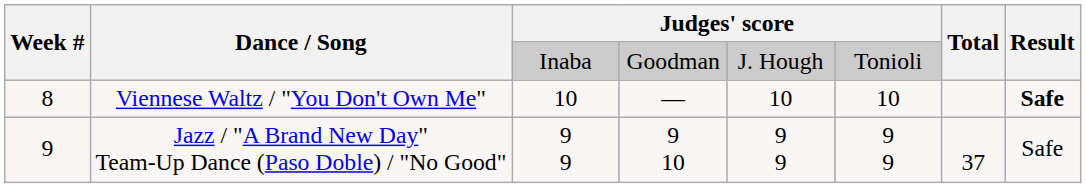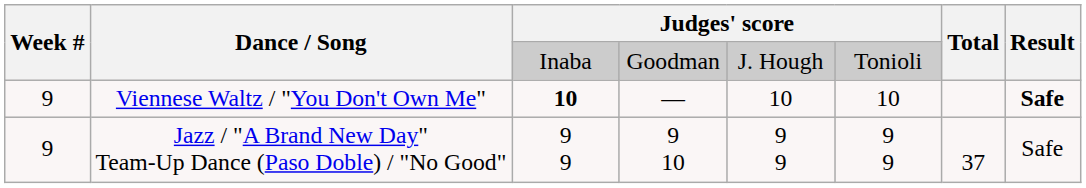 <table class="wikitable" style="text-align:center;">
 <tr style="text-align:center;">
 <th rowspan="2" bgcolor="#CCCCCC" align="Center">Week #</th>
 <th rowspan="2" bgcolor="#CCCCCC" align="Center">Dance / Song</th>
 <th colspan="4" bgcolor="#CCCCCC" align="Center">Judges' score</th>
 <th rowspan="2" bgcolor="#CCCCCC" align="Center">Total</th>
 <th rowspan="2" bgcolor="#CCCCCC" align="Center">Result</th>
 </tr>
 <tr>
 <td bgcolor="#CCCCCC" width="10%" align="center">Inaba</td>
 <td bgcolor="#CCCCCC" width="10%" align="center">Goodman</td>
 <td bgcolor="#CCCCCC" width="10%" align="center">J. Hough</td>
 <td bgcolor="#CCCCCC" width="10%" align="center">Tonioli</td>
 </tr>
 <tr>
-<td align="center" bgcolor="FAF6F6 ">8</td>
+<td align="center" bgcolor="FAF6F6 ">9</td>
 <td align="center" bgcolor="FAF6F6"><a href='#'>Viennese Waltz</a> / "<a href='#'>You Don't Own Me</a>"</td>
-<td align="center" bgcolor="FAF6F6">10</td>
+<td align="center" bgcolor="FAF6F6"><strong>10</strong></td>
 <td align="center" bgcolor="FAF6F6">—</td>
 <td align="center" bgcolor="FAF6F6">10</td>
 <td align="center" bgcolor="FAF6F6">10</td>
 <td align="center" bgcolor="FAF6F6"></td>
 <td align="center" bgcolor="FAF6F6"><strong>Safe</strong></td>
 </tr>
 <tr>
 <td align="center" bgcolor="FAF6F6 ">9</td>
 <td align="center" bgcolor="FAF6F6"><a href='#'>Jazz</a> / "<a href='#'>A Brand New Day</a>"<br>Team-Up Dance (<a href='#'>Paso Doble</a>) / "No Good"</td>
 <td align="center" bgcolor="FAF6F6">9<br>9</td>
 <td align="center" bgcolor="FAF6F6">9<br>10</td>
 <td align="center" bgcolor="FAF6F6">9<br>9</td>
 <td align="center" bgcolor="FAF6F6">9<br>9</td>
 <td align="center" bgcolor="FAF6F6"><br>37</td>
 <td align="center" bgcolor="FAF6F6">Safe</td>
 </tr>
 </table>
